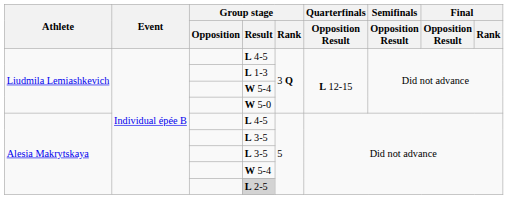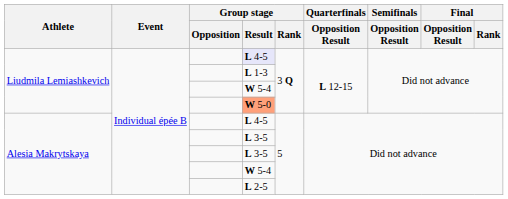 <table class=wikitable>
 <tr>
 <th rowspan="2">Athlete</th>
 <th rowspan="2">Event</th>
 <th colspan="3">Group stage</th>
 <th>Quarterfinals</th>
 <th>Semifinals</th>
 <th colspan="2">Final</th>
 </tr>
 <tr>
 <th>Opposition</th>
 <th>Result</th>
 <th>Rank</th>
 <th>Opposition<br>Result</th>
 <th>Opposition<br>Result</th>
 <th>Opposition<br>Result</th>
 <th>Rank</th>
 </tr>
 <tr>
 <td align=left rowspan=4><a href='#'>Liudmila Lemiashkevich</a></td>
 <td align=left rowspan=9><a href='#'>Individual épée B</a></td>
 <td></td>
-<td><strong>L</strong> 4-5</td>
+<td style="background: lavender;"><strong>L</strong> 4-5</td>
 <td rowspan=4>3 <strong>Q</strong></td>
 <td align=center rowspan=4><br> <strong>L</strong> 12-15</td>
 <td align=center rowspan=4 colspan=3>Did not advance</td>
 </tr>
 <tr>
 <td></td>
 <td><strong>L</strong> 1-3</td>
 </tr>
 <tr>
 <td></td>
 <td><strong>W</strong> 5-4</td>
 </tr>
 <tr>
 <td></td>
-<td><strong>W</strong> 5-0</td>
+<td style="background: lightsalmon;"><strong>W</strong> 5-0</td>
 </tr>
 <tr>
 <td align=left rowspan=5><a href='#'>Alesia Makrytskaya</a></td>
 <td></td>
 <td><strong>L</strong> 4-5</td>
 <td rowspan=5>5</td>
 <td align=center rowspan=5 colspan=4>Did not advance</td>
 </tr>
 <tr>
 <td></td>
 <td><strong>L</strong> 3-5</td>
 </tr>
 <tr>
 <td></td>
 <td><strong>L</strong> 3-5</td>
 </tr>
 <tr>
 <td></td>
 <td><strong>W</strong> 5-4</td>
 </tr>
 <tr>
 <td></td>
-<td style="background: lightgrey;"><strong>L</strong> 2-5</td>
+<td><strong>L</strong> 2-5</td>
 </tr>
 </table>
